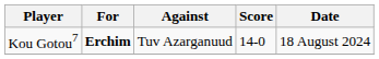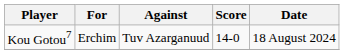 <table class=wikitable>
 <tr>
 <th>Player</th>
 <th>For</th>
 <th>Against</th>
 <th>Score</th>
 <th>Date</th>
 </tr>
 <tr>
 <td> Kou Gotou<sup>7</sup></td>
-<td><strong>Erchim</strong></td>
+<td>Erchim</td>
 <td>Tuv Azarganuud</td>
 <td>14-0</td>
 <td>18 August 2024</td>
 </tr>
 <tr>
 </tr>
 </table>
